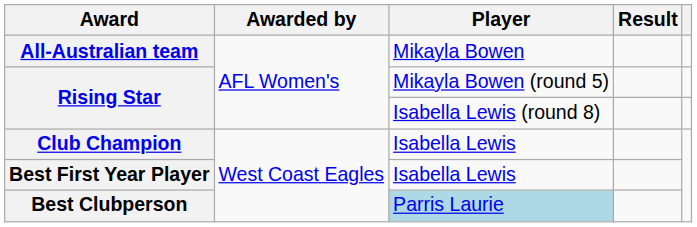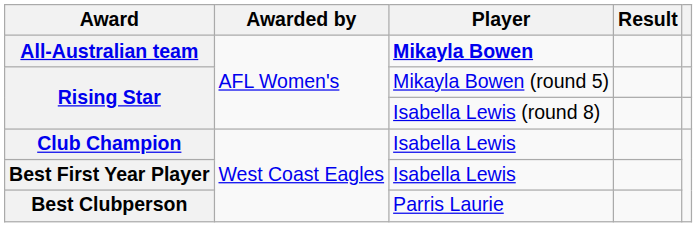 <table class="wikitable plainrowheaders sortable">
 <tr>
 <th scope="col">Award</th>
 <th scope="col">Awarded by</th>
 <th scope="col">Player</th>
 <th scope="col">Result</th>
 <th class="unsortable"></th>
 </tr>
 <tr>
 <th scope="row"><a href='#'>All-Australian team</a></th>
 <td rowspan=3><a href='#'>AFL Women's</a></td>
-<td><a href='#'>Mikayla Bowen</a></td>
+<td><strong><a href='#'>Mikayla Bowen</a></strong></td>
 <td></td>
 <td></td>
 </tr>
 <tr>
 <th scope="row", rowspan=2><a href='#'>Rising Star</a></th>
 <td><a href='#'>Mikayla Bowen</a> (round 5)</td>
 <td></td>
 <td></td>
 </tr>
 <tr>
 <td><a href='#'>Isabella Lewis</a> (round 8)</td>
 <td></td>
 <td></td>
 </tr>
 <tr>
 <th scope="row"><a href='#'>Club Champion</a></th>
 <td rowspan=3><a href='#'>West Coast Eagles</a></td>
 <td><a href='#'>Isabella Lewis</a></td>
 <td></td>
 <td rowspan=3></td>
 </tr>
 <tr>
 <th scope="row">Best First Year Player</th>
 <td><a href='#'>Isabella Lewis</a></td>
 <td></td>
 </tr>
 <tr>
 <th scope="row">Best Clubperson</th>
-<td style="background: lightblue;"><a href='#'>Parris Laurie</a></td>
+<td><a href='#'>Parris Laurie</a></td>
 <td></td>
 </tr>
 </table>
